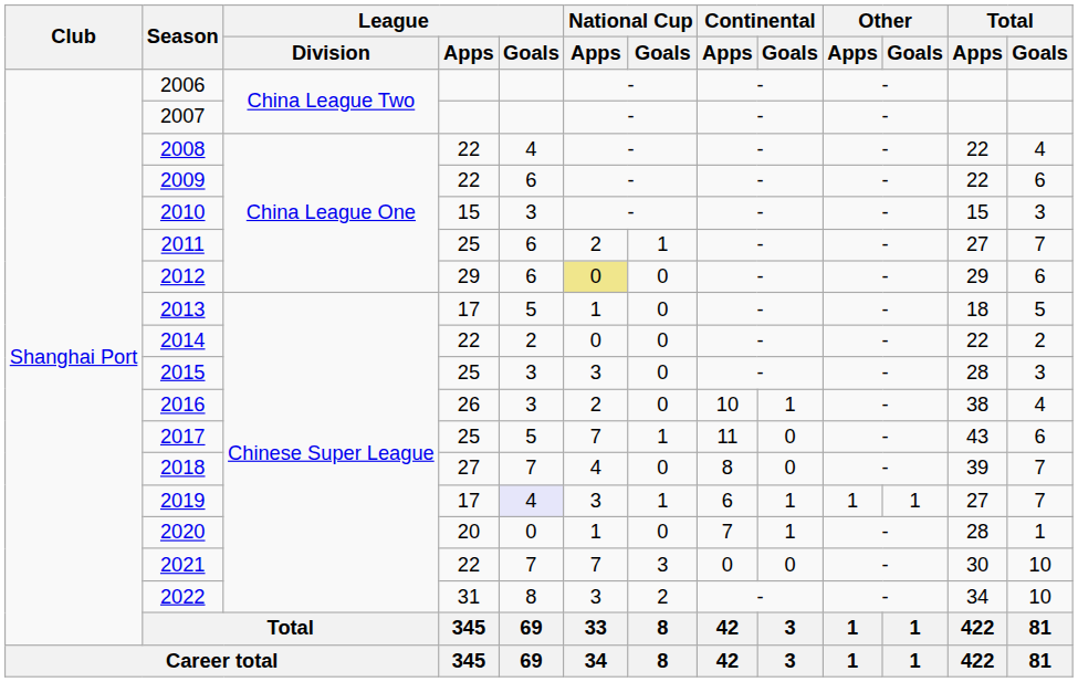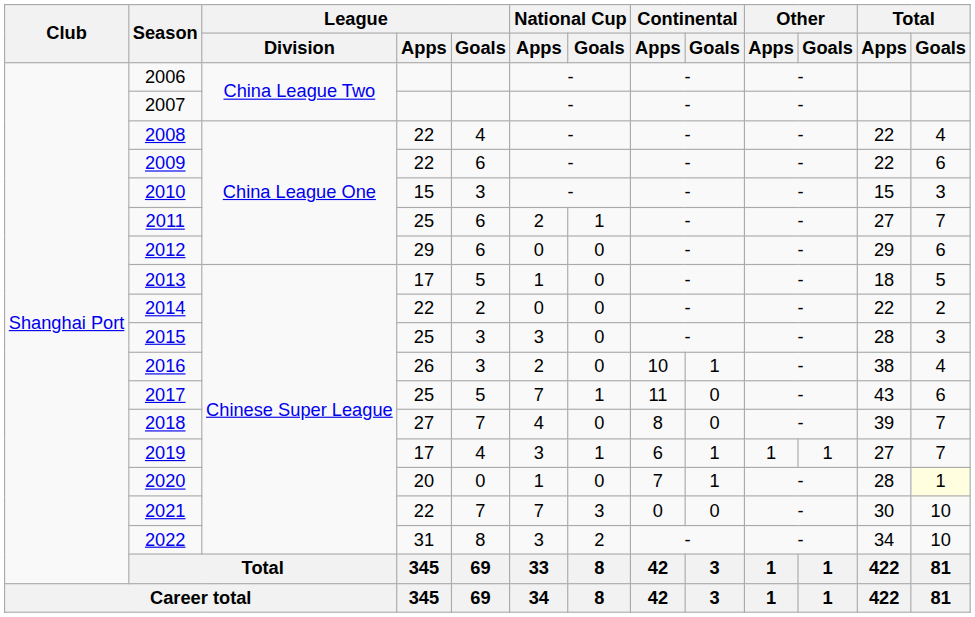 <table class="wikitable" style="text-align: center">
 <tr>
 <th rowspan="2">Club</th>
 <th rowspan="2">Season</th>
 <th colspan="3">League</th>
 <th colspan="2">National Cup</th>
 <th colspan="2">Continental</th>
 <th colspan="2">Other</th>
 <th colspan="2">Total</th>
 </tr>
 <tr>
 <th>Division</th>
 <th>Apps</th>
 <th>Goals</th>
 <th>Apps</th>
 <th>Goals</th>
 <th>Apps</th>
 <th>Goals</th>
 <th>Apps</th>
 <th>Goals</th>
 <th>Apps</th>
 <th>Goals</th>
 </tr>
 <tr>
 <td rowspan="18"><a href='#'>Shanghai Port</a></td>
 <td>2006</td>
 <td rowspan="2"><a href='#'>China League Two</a></td>
 <td></td>
 <td></td>
 <td colspan="2">-</td>
 <td colspan="2">-</td>
 <td colspan="2">-</td>
 <td></td>
 <td></td>
 </tr>
 <tr>
 <td>2007</td>
 <td></td>
 <td></td>
 <td colspan="2">-</td>
 <td colspan="2">-</td>
 <td colspan="2">-</td>
 <td></td>
 <td></td>
 </tr>
 <tr>
 <td><a href='#'>2008</a></td>
 <td rowspan="5"><a href='#'>China League One</a></td>
 <td>22</td>
 <td>4</td>
 <td colspan="2">-</td>
 <td colspan="2">-</td>
 <td colspan="2">-</td>
 <td>22</td>
 <td>4</td>
 </tr>
 <tr>
 <td><a href='#'>2009</a></td>
 <td>22</td>
 <td>6</td>
 <td colspan="2">-</td>
 <td colspan="2">-</td>
 <td colspan="2">-</td>
 <td>22</td>
 <td>6</td>
 </tr>
 <tr>
 <td><a href='#'>2010</a></td>
 <td>15</td>
 <td>3</td>
 <td colspan="2">-</td>
 <td colspan="2">-</td>
 <td colspan="2">-</td>
 <td>15</td>
 <td>3</td>
 </tr>
 <tr>
 <td><a href='#'>2011</a></td>
 <td>25</td>
 <td>6</td>
 <td>2</td>
 <td>1</td>
 <td colspan="2">-</td>
 <td colspan="2">-</td>
 <td>27</td>
 <td>7</td>
 </tr>
 <tr>
 <td><a href='#'>2012</a></td>
 <td>29</td>
 <td>6</td>
-<td style="background: khaki;">0</td>
+<td>0</td>
 <td>0</td>
 <td colspan="2">-</td>
 <td colspan="2">-</td>
 <td>29</td>
 <td>6</td>
 </tr>
 <tr>
 <td><a href='#'>2013</a></td>
 <td rowspan="10"><a href='#'>Chinese Super League</a></td>
 <td>17</td>
 <td>5</td>
 <td>1</td>
 <td>0</td>
 <td colspan="2">-</td>
 <td colspan="2">-</td>
 <td>18</td>
 <td>5</td>
 </tr>
 <tr>
 <td><a href='#'>2014</a></td>
 <td>22</td>
 <td>2</td>
 <td>0</td>
 <td>0</td>
 <td colspan="2">-</td>
 <td colspan="2">-</td>
 <td>22</td>
 <td>2</td>
 </tr>
 <tr>
 <td><a href='#'>2015</a></td>
 <td>25</td>
 <td>3</td>
 <td>3</td>
 <td>0</td>
 <td colspan="2">-</td>
 <td colspan="2">-</td>
 <td>28</td>
 <td>3</td>
 </tr>
 <tr>
 <td><a href='#'>2016</a></td>
 <td>26</td>
 <td>3</td>
 <td>2</td>
 <td>0</td>
 <td>10</td>
 <td>1</td>
 <td colspan="2">-</td>
 <td>38</td>
 <td>4</td>
 </tr>
 <tr>
 <td><a href='#'>2017</a></td>
 <td>25</td>
 <td>5</td>
 <td>7</td>
 <td>1</td>
 <td>11</td>
 <td>0</td>
 <td colspan="2">-</td>
 <td>43</td>
 <td>6</td>
 </tr>
 <tr>
 <td><a href='#'>2018</a></td>
 <td>27</td>
 <td>7</td>
 <td>4</td>
 <td>0</td>
 <td>8</td>
 <td>0</td>
 <td colspan="2">-</td>
 <td>39</td>
 <td>7</td>
 </tr>
 <tr>
 <td><a href='#'>2019</a></td>
 <td>17</td>
-<td style="background: lavender;">4</td>
+<td>4</td>
 <td>3</td>
 <td>1</td>
 <td>6</td>
 <td>1</td>
 <td>1</td>
 <td>1</td>
 <td>27</td>
 <td>7</td>
 </tr>
 <tr>
 <td><a href='#'>2020</a></td>
 <td>20</td>
 <td>0</td>
 <td>1</td>
 <td>0</td>
 <td>7</td>
 <td>1</td>
 <td colspan="2">-</td>
 <td>28</td>
-<td>1</td>
+<td style="background: lightyellow;">1</td>
 </tr>
 <tr>
 <td><a href='#'>2021</a></td>
 <td>22</td>
 <td>7</td>
 <td>7</td>
 <td>3</td>
 <td>0</td>
 <td>0</td>
 <td colspan="2">-</td>
 <td>30</td>
 <td>10</td>
 </tr>
 <tr>
 <td><a href='#'>2022</a></td>
 <td>31</td>
 <td>8</td>
 <td>3</td>
 <td>2</td>
 <td colspan="2">-</td>
 <td colspan="2">-</td>
 <td>34</td>
 <td>10</td>
 </tr>
 <tr>
 <th colspan=2>Total</th>
 <th>345</th>
 <th>69</th>
 <th>33</th>
 <th>8</th>
 <th>42</th>
 <th>3</th>
 <th>1</th>
 <th>1</th>
 <th>422</th>
 <th>81</th>
 </tr>
 <tr>
 <th colspan=3>Career total</th>
 <th>345</th>
 <th>69</th>
 <th>34</th>
 <th>8</th>
 <th>42</th>
 <th>3</th>
 <th>1</th>
 <th>1</th>
 <th>422</th>
 <th>81</th>
 </tr>
 </table>
